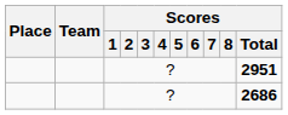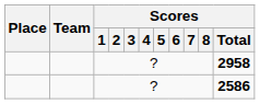 <table class=wikitable style="text-align:center">
 <tr>
 <th rowspan=2>Place</th>
 <th rowspan=2>Team</th>
 <th colspan=9>Scores</th>
 </tr>
 <tr>
 <th>1</th>
 <th>2</th>
 <th>3</th>
 <th>4</th>
 <th>5</th>
 <th>6</th>
 <th>7</th>
 <th>8</th>
 <th>Total</th>
 </tr>
 <tr>
 <td></td>
 <td align=left></td>
 <td colspan=8>?</td>
-<td><strong>2951</strong></td>
+<td><strong>2958</strong></td>
 </tr>
 <tr>
 <td></td>
 <td align=left></td>
 <td colspan=8>?</td>
-<td><strong>2686</strong></td>
+<td><strong>2586</strong></td>
 </tr>
 </table>
